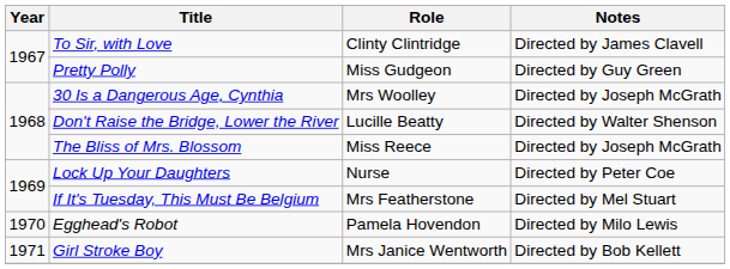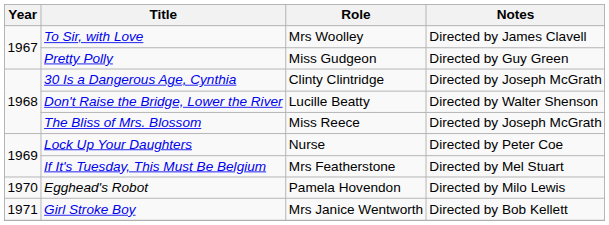 <table class="wikitable sortable">
 <tr>
 <th>Year</th>
 <th>Title</th>
 <th>Role</th>
 <th class="unsortable">Notes</th>
 </tr>
 <tr>
 <td rowspan=2>1967</td>
 <td><em><a href='#'>To Sir, with Love</a></em></td>
-<td>Clinty Clintridge</td>
+<td>Mrs Woolley</td>
 <td>Directed by James Clavell</td>
 </tr>
 <tr>
 <td><em><a href='#'>Pretty Polly</a></em></td>
 <td>Miss Gudgeon</td>
 <td>Directed by Guy Green</td>
 </tr>
 <tr>
 <td rowspan=3>1968</td>
 <td><em><a href='#'>30 Is a Dangerous Age, Cynthia</a></em></td>
-<td>Mrs Woolley</td>
+<td>Clinty Clintridge</td>
 <td>Directed by Joseph McGrath</td>
 </tr>
 <tr>
 <td><em><a href='#'>Don't Raise the Bridge, Lower the River</a></em></td>
 <td>Lucille Beatty</td>
 <td>Directed by Walter Shenson</td>
 </tr>
 <tr>
 <td><em><a href='#'>The Bliss of Mrs. Blossom</a></em></td>
 <td>Miss Reece</td>
 <td>Directed by Joseph McGrath</td>
 </tr>
 <tr>
 <td rowspan=2>1969</td>
 <td><em><a href='#'>Lock Up Your Daughters</a></em></td>
 <td>Nurse</td>
 <td>Directed by Peter Coe</td>
 </tr>
 <tr>
 <td><em><a href='#'>If It's Tuesday, This Must Be Belgium</a></em></td>
 <td>Mrs Featherstone</td>
 <td>Directed by Mel Stuart</td>
 </tr>
 <tr>
 <td>1970</td>
 <td><em>Egghead's Robot</em></td>
 <td>Pamela Hovendon</td>
 <td>Directed by Milo Lewis</td>
 </tr>
 <tr>
 <td>1971</td>
 <td><em><a href='#'>Girl Stroke Boy</a></em></td>
 <td>Mrs Janice Wentworth</td>
 <td>Directed by Bob Kellett</td>
 </tr>
 <tr>
 </tr>
 </table>
